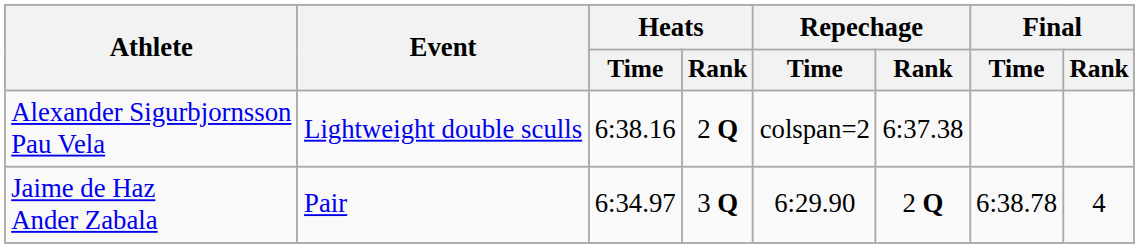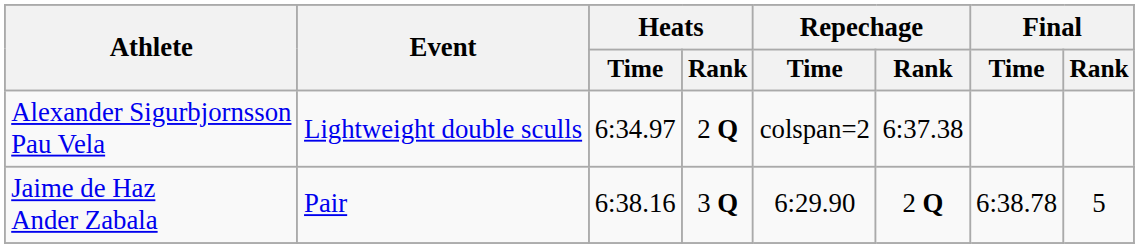 <table class=wikitable style="font-size:90%;">
 <tr>
 <th rowspan=2>Athlete</th>
 <th rowspan=2>Event</th>
 <th colspan=2>Heats</th>
 <th colspan=2>Repechage</th>
 <th colspan=2>Final</th>
 </tr>
 <tr style="font-size:95%">
 <th>Time</th>
 <th>Rank</th>
 <th>Time</th>
 <th>Rank</th>
 <th>Time</th>
 <th>Rank</th>
 </tr>
 <tr align=center>
 <td align=left><a href='#'>Alexander Sigurbjornsson</a><br><a href='#'>Pau Vela</a></td>
 <td align=left><a href='#'>Lightweight double sculls</a></td>
-<td>6:38.16</td>
+<td>6:34.97</td>
 <td>2 <strong>Q</strong></td>
 <td>colspan=2 </td>
 <td>6:37.38</td>
 <td></td>
 </tr>
 <tr align=center>
 <td align=left><a href='#'>Jaime de Haz</a><br><a href='#'>Ander Zabala</a></td>
 <td align=left><a href='#'>Pair</a></td>
-<td>6:34.97</td>
+<td>6:38.16</td>
 <td>3 <strong>Q</strong></td>
 <td>6:29.90</td>
 <td>2 <strong>Q</strong></td>
 <td>6:38.78</td>
-<td>4</td>
+<td>5</td>
 </tr>
 </table>
